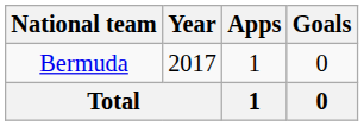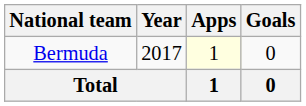 <table class="wikitable" style="text-align:center">
 <tr>
 <th>National team</th>
 <th>Year</th>
 <th>Apps</th>
 <th>Goals</th>
 </tr>
 <tr>
 <td rowspan="1"><a href='#'>Bermuda</a></td>
 <td>2017</td>
-<td>1</td>
+<td style="background: lightyellow;">1</td>
 <td>0</td>
 </tr>
 <tr>
 <th colspan=2>Total</th>
 <th>1</th>
 <th>0</th>
 </tr>
 </table>
